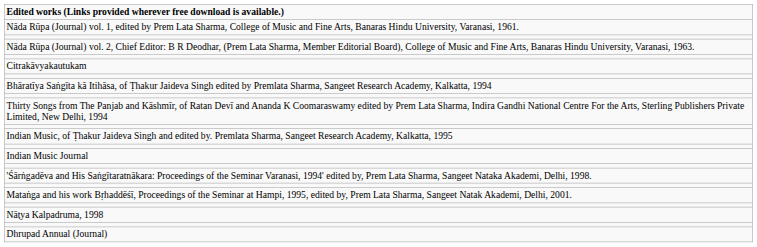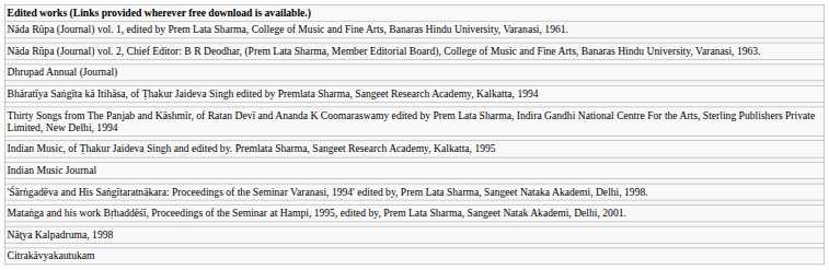 <table class="wikitable">
 <tr>
 <td><strong>Edited works (Links provided wherever free download is available.)</strong></td>
 </tr>
 <tr>
 <td>Nāda Rūpa (Journal) vol. 1, edited by Prem Lata Sharma, College of Music and Fine Arts, Banaras Hindu University, Varanasi, 1961.<br></td>
 </tr>
 <tr>
 <td></td>
 </tr>
 <tr>
 <td>Nāda Rūpa (Journal) vol. 2, Chief Editor: B R Deodhar, (Prem Lata Sharma, Member Editorial Board), College of Music and Fine Arts, Banaras Hindu University, Varanasi, 1963.<br></td>
 </tr>
 <tr>
 <td></td>
 </tr>
 <tr>
-<td>Citrakāvyakautukam</td>
+<td>Dhrupad Annual (Journal)<br></td>
 </tr>
 <tr>
 <td></td>
 </tr>
 <tr>
 <td>Bhāratīya Saṅgīta kā Itihāsa, of Ṭhakur Jaideva Singh edited by Premlata Sharma, Sangeet Research Academy, Kalkatta, 1994</td>
 </tr>
 <tr>
 <td></td>
 </tr>
 <tr>
 <td>Thirty Songs from The Panjab and Kāshmīr, of Ratan Devī and Ananda K Coomaraswamy edited by Prem Lata Sharma, Indira Gandhi National Centre For the Arts, Sterling Publishers Private Limited, New Delhi, 1994</td>
 </tr>
 <tr>
 <td></td>
 </tr>
 <tr>
 <td>Indian Music, of Ṭhakur Jaideva Singh and edited by. Premlata Sharma, Sangeet Research Academy, Kalkatta, 1995</td>
 </tr>
 <tr>
 <td></td>
 </tr>
 <tr>
 <td>Indian Music Journal<br></td>
 </tr>
 <tr>
 <td></td>
 </tr>
 <tr>
 <td>'Śārṅgadēva and His Saṅgītaratnākara: Proceedings of the Seminar Varanasi, 1994' edited by, Prem Lata Sharma, Sangeet Nataka Akademi, Delhi, 1998.</td>
 </tr>
 <tr>
 <td></td>
 </tr>
 <tr>
 <td>Mataṅga and his work Bṛhaddēśī, Proceedings of the Seminar at Hampi, 1995, edited by, Prem Lata Sharma, Sangeet Natak Akademi, Delhi, 2001.</td>
 </tr>
 <tr>
 <td></td>
 </tr>
 <tr>
 <td>Nāṭya Kalpadruma, 1998</td>
 </tr>
 <tr>
 <td></td>
 </tr>
 <tr>
-<td>Dhrupad Annual (Journal)<br></td>
+<td>Citrakāvyakautukam</td>
 </tr>
 </table>
